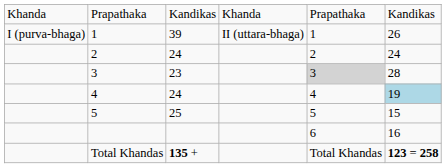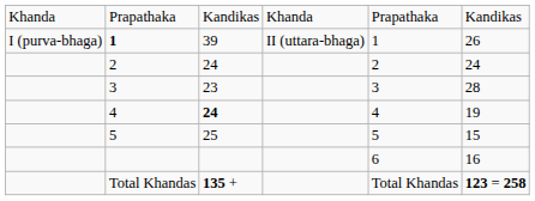 <table class="wikitable">
 <tr>
 <td>Khanda</td>
 <td>Prapathaka</td>
 <td>Kandikas</td>
 <td>Khanda</td>
 <td>Prapathaka</td>
 <td>Kandikas</td>
 </tr>
 <tr>
 <td>I  (purva-bhaga)</td>
-<td>1</td>
+<td><strong>1</strong></td>
 <td>39</td>
 <td>II (uttara-bhaga)</td>
 <td>1</td>
 <td>26</td>
 </tr>
 <tr>
 <td></td>
 <td>2</td>
 <td>24</td>
 <td></td>
 <td>2</td>
 <td>24</td>
 </tr>
 <tr>
 <td></td>
 <td>3</td>
 <td>23</td>
 <td></td>
-<td style="background: lightgrey;">3</td>
+<td>3</td>
 <td>28</td>
 </tr>
 <tr>
 <td></td>
 <td>4</td>
-<td>24</td>
+<td><strong>24</strong></td>
 <td></td>
 <td>4</td>
-<td style="background: lightblue;">19</td>
+<td>19</td>
 </tr>
 <tr>
 <td></td>
 <td>5</td>
 <td>25</td>
 <td></td>
 <td>5</td>
 <td>15</td>
 </tr>
 <tr>
 <td></td>
 <td></td>
 <td></td>
 <td></td>
 <td>6</td>
 <td>16</td>
 </tr>
 <tr>
 <td></td>
 <td>Total Khandas</td>
 <td><strong>135</strong>  +</td>
 <td></td>
 <td>Total Khandas</td>
 <td><strong>123</strong> = <strong>258</strong></td>
 </tr>
 </table>
